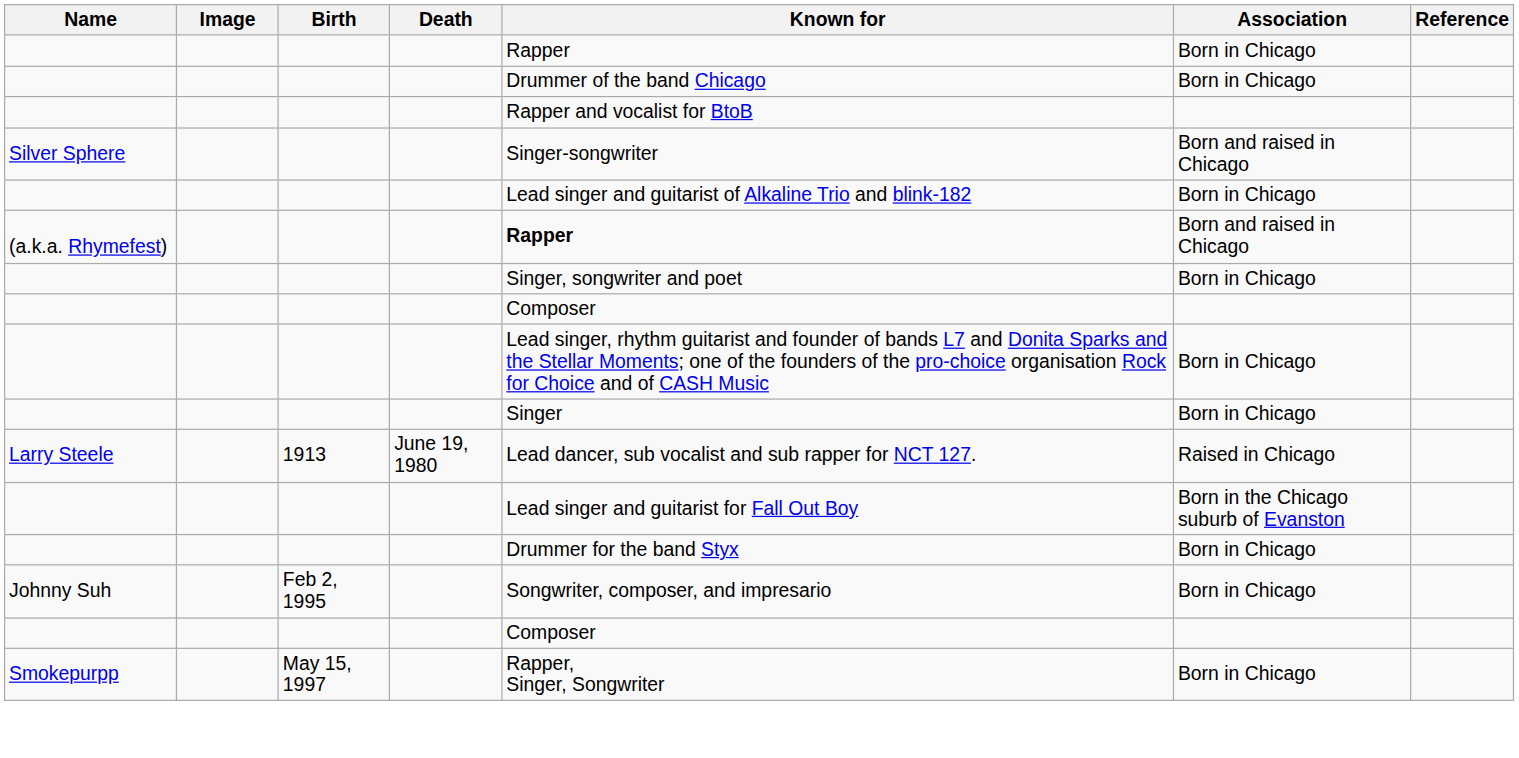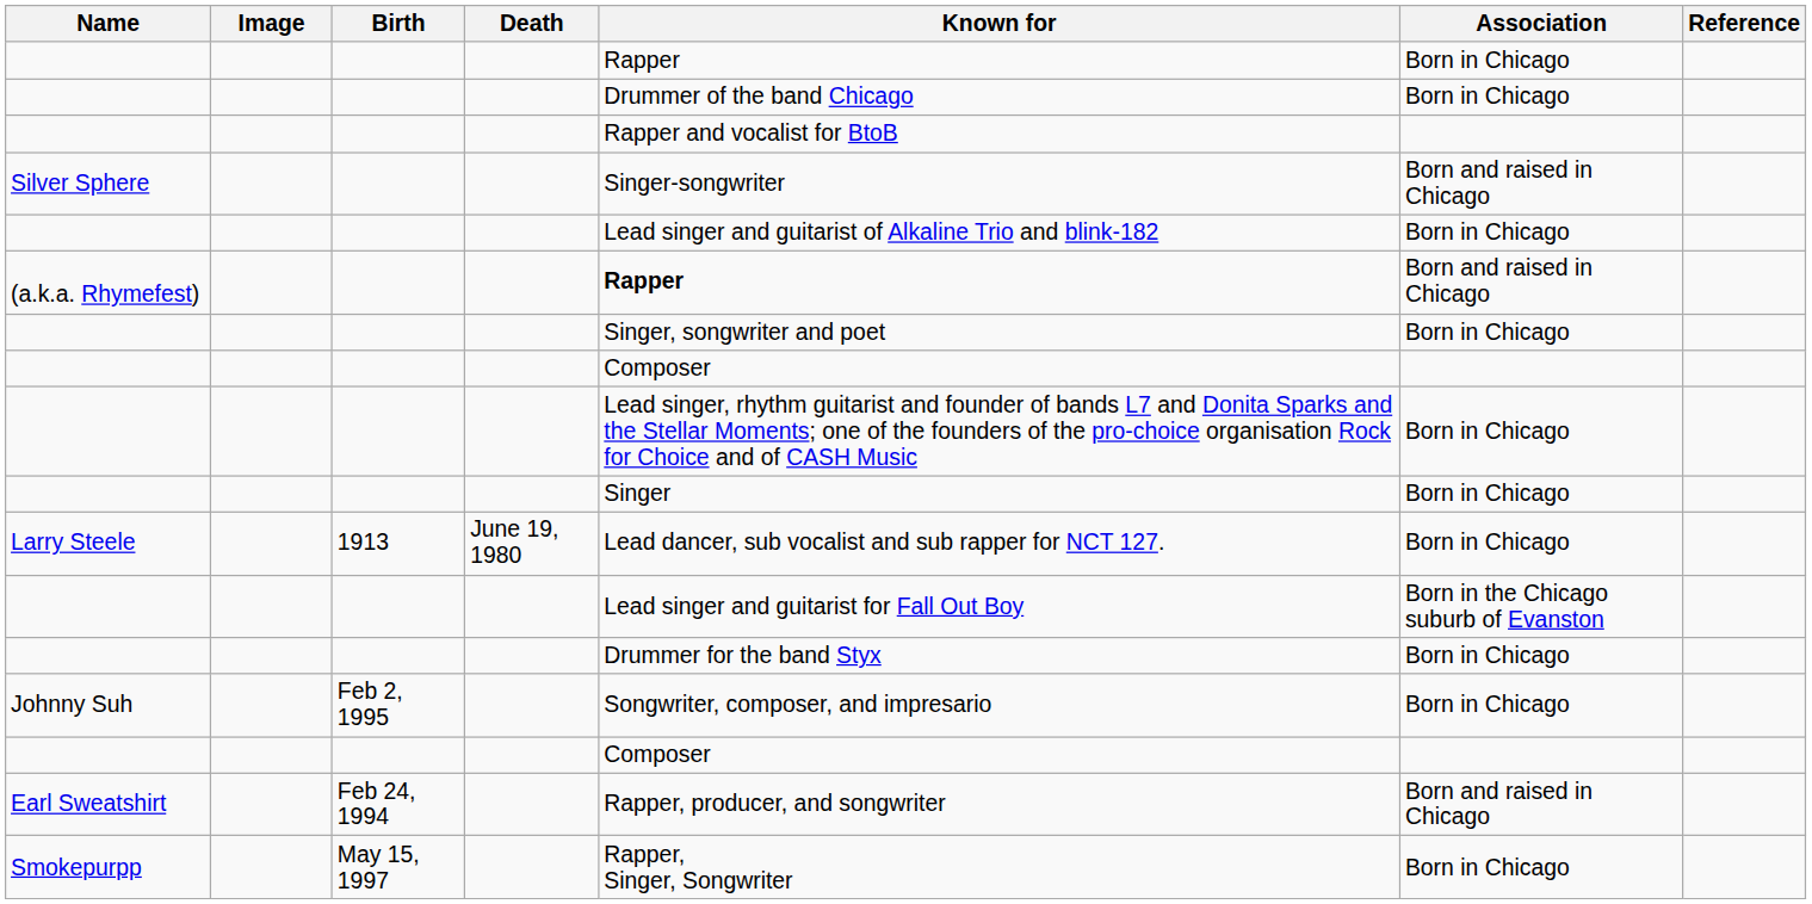 <table class="wikitable sortable mw-collapsible">
 <tr>
 <th scope="col" width="140">Name</th>
 <th scope="col" width="80" class="unsortable">Image</th>
 <th scope="col" width="90">Birth</th>
 <th scope="col" width="90">Death</th>
 <th scope="col" width="600" class="unsortable">Known for</th>
 <th scope="col" width="200" class="unsortable">Association</th>
 <th scope="col" width="30" class="unsortable">Reference</th>
 </tr>
 <tr>
 <td></td>
 <td></td>
 <td align=right></td>
 <td align=right></td>
 <td>Rapper</td>
 <td>Born in Chicago</td>
 <td align="center"></td>
 </tr>
 <tr>
 <td></td>
 <td></td>
 <td align=right></td>
 <td></td>
 <td>Drummer of the band <a href='#'>Chicago</a></td>
 <td>Born in Chicago</td>
 <td align="center"></td>
 </tr>
 <tr>
 <td></td>
 <td></td>
 <td align=right></td>
 <td></td>
 <td>Rapper and vocalist for <a href='#'>BtoB</a></td>
 <td></td>
 <td align="center"></td>
 </tr>
 <tr>
 <td><a href='#'>Silver Sphere</a></td>
 <td></td>
 <td align=right></td>
 <td></td>
 <td>Singer-songwriter</td>
 <td>Born and raised in Chicago</td>
 <td></td>
 </tr>
 <tr>
 <td></td>
 <td></td>
 <td align=right></td>
 <td></td>
 <td>Lead singer and guitarist of <a href='#'>Alkaline Trio</a> and <a href='#'>blink-182</a></td>
 <td>Born in Chicago</td>
 <td align="center"></td>
 </tr>
 <tr>
 <td><br>(a.k.a. <a href='#'>Rhymefest</a>)</td>
 <td></td>
 <td align=right></td>
 <td></td>
 <td><strong>Rapper</strong></td>
 <td>Born and raised in Chicago</td>
 <td align="center"></td>
 </tr>
 <tr>
 <td></td>
 <td></td>
 <td align=right></td>
 <td></td>
 <td>Singer, songwriter and poet</td>
 <td>Born in Chicago</td>
 <td align="center"></td>
 </tr>
 <tr>
 <td></td>
 <td></td>
 <td align=right></td>
 <td align=right></td>
 <td>Composer</td>
 <td></td>
 <td align="center"></td>
 </tr>
 <tr>
 <td></td>
 <td></td>
 <td align=right></td>
 <td></td>
 <td>Lead singer, rhythm guitarist and founder of bands <a href='#'>L7</a> and <a href='#'>Donita Sparks and the Stellar Moments</a>; one of the founders of the <a href='#'>pro-choice</a> organisation <a href='#'>Rock for Choice</a> and of <a href='#'>CASH Music</a></td>
 <td>Born in Chicago</td>
 <td></td>
 </tr>
 <tr>
 <td></td>
 <td></td>
 <td align=right></td>
 <td></td>
 <td>Singer</td>
 <td>Born in Chicago</td>
 <td align="center"></td>
 </tr>
 <tr>
 <td><a href='#'>Larry Steele</a></td>
 <td></td>
 <td>1913</td>
 <td>June 19, 1980</td>
 <td>Lead dancer, sub vocalist and sub rapper for <a href='#'>NCT 127</a>.</td>
-<td>Raised in Chicago</td>
+<td>Born in Chicago</td>
 <td></td>
 </tr>
 <tr>
 <td></td>
 <td></td>
 <td align=right></td>
 <td></td>
 <td>Lead singer and guitarist for <a href='#'>Fall Out Boy</a></td>
 <td>Born in the Chicago suburb of <a href='#'>Evanston</a></td>
 <td align="center"></td>
 </tr>
 <tr>
 <td></td>
 <td></td>
 <td align=right></td>
 <td></td>
 <td>Drummer for the band <a href='#'>Styx</a></td>
 <td>Born in Chicago</td>
 <td align="center"></td>
 </tr>
 <tr>
 <td>Johnny Suh</td>
 <td></td>
 <td>Feb 2, 1995</td>
 <td></td>
 <td>Songwriter, composer, and impresario</td>
 <td>Born in Chicago</td>
 <td></td>
 </tr>
 <tr>
 <td></td>
 <td></td>
 <td align=right></td>
 <td></td>
 <td>Composer</td>
 <td></td>
 <td align="center"></td>
 </tr>
 <tr>
+<td><a href='#'>Earl Sweatshirt</a></td>
+<td></td>
+<td>Feb 24, 1994</td>
+<td></td>
+<td>Rapper, producer, and songwriter</td>
+<td>Born and raised in Chicago</td>
+<td></td>
+</tr>
+<tr>
 <td><a href='#'>Smokepurpp</a></td>
 <td></td>
 <td>May 15, 1997</td>
 <td></td>
 <td>Rapper,<br>Singer, Songwriter</td>
 <td>Born in Chicago</td>
 </tr>
 </table>
